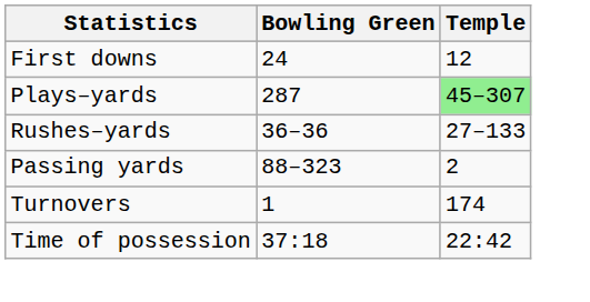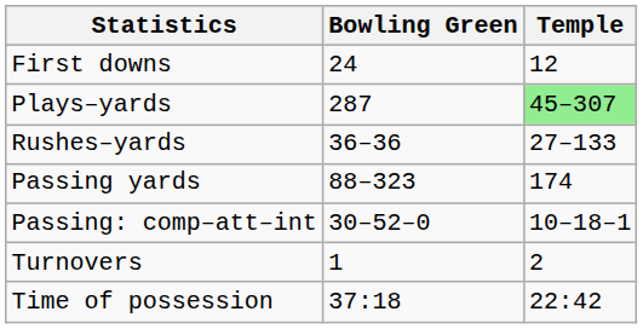 <table class="wikitable" style="float:left">
 <tr>
 <th>Statistics</th>
 <th>Bowling Green</th>
 <th>Temple</th>
 </tr>
 <tr>
 <td>First downs</td>
 <td>24</td>
 <td>12</td>
 </tr>
 <tr>
 <td>Plays–yards</td>
 <td>287</td>
 <td style="background: lightgreen;">45–307</td>
 </tr>
 <tr>
 <td>Rushes–yards</td>
 <td>36–36</td>
 <td>27–133</td>
 </tr>
 <tr>
 <td>Passing yards</td>
 <td>88–323</td>
-<td>2</td>
+<td>174</td>
+</tr>
+<tr>
+<td>Passing: comp–att–int</td>
+<td>30–52–0</td>
+<td>10–18–1</td>
 </tr>
 <tr>
 <td>Turnovers</td>
 <td>1</td>
-<td>174</td>
+<td>2</td>
 </tr>
 <tr>
 <td>Time of possession</td>
 <td>37:18</td>
 <td>22:42</td>
 </tr>
 </table>
